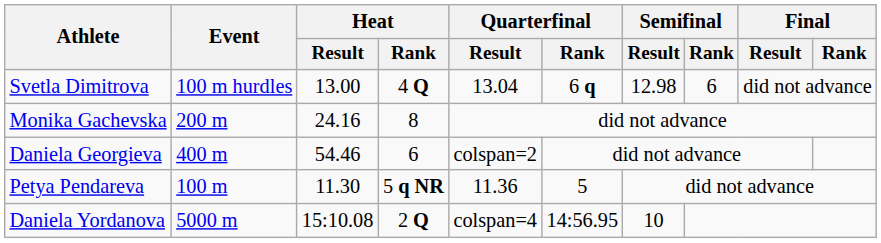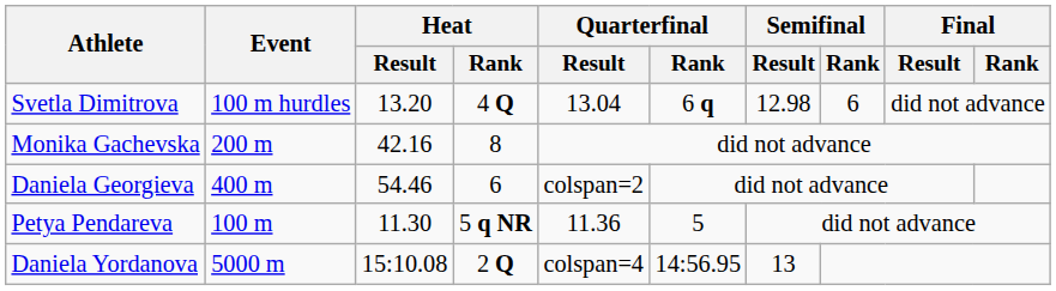 <table class=wikitable style="font-size:90%">
 <tr>
 <th rowspan="2">Athlete</th>
 <th rowspan="2">Event</th>
 <th colspan="2">Heat</th>
 <th colspan="2">Quarterfinal</th>
 <th colspan="2">Semifinal</th>
 <th colspan="2">Final</th>
 </tr>
 <tr style="font-size:95%">
 <th>Result</th>
 <th>Rank</th>
 <th>Result</th>
 <th>Rank</th>
 <th>Result</th>
 <th>Rank</th>
 <th>Result</th>
 <th>Rank</th>
 </tr>
 <tr align=center>
 <td align=left><a href='#'>Svetla Dimitrova</a></td>
 <td align=left><a href='#'>100 m hurdles</a></td>
-<td>13.00</td>
+<td>13.20</td>
 <td>4 <strong>Q</strong></td>
 <td>13.04</td>
 <td>6 <strong>q</strong></td>
 <td>12.98</td>
 <td>6</td>
 <td colspan=2>did not advance</td>
 </tr>
 <tr align=center>
 <td align=left><a href='#'>Monika Gachevska</a></td>
 <td align=left><a href='#'>200 m</a></td>
-<td>24.16</td>
+<td>42.16</td>
 <td>8</td>
 <td colspan=6>did not advance</td>
 </tr>
 <tr align=center>
 <td align=left><a href='#'>Daniela Georgieva</a></td>
 <td align=left><a href='#'>400 m</a></td>
 <td>54.46</td>
 <td>6</td>
 <td>colspan=2 </td>
 <td colspan=4>did not advance</td>
 </tr>
 <tr align=center>
 <td align=left><a href='#'>Petya Pendareva</a></td>
 <td align=left><a href='#'>100 m</a></td>
 <td>11.30</td>
 <td>5 <strong>q</strong> <strong>NR</strong></td>
 <td>11.36</td>
 <td>5</td>
 <td colspan=4>did not advance</td>
 </tr>
 <tr align=center>
 <td align=left><a href='#'>Daniela Yordanova</a></td>
 <td align=left><a href='#'>5000 m</a></td>
 <td>15:10.08</td>
 <td>2 <strong>Q</strong></td>
 <td>colspan=4 </td>
 <td>14:56.95</td>
-<td>10</td>
+<td>13</td>
 </tr>
 </table>
